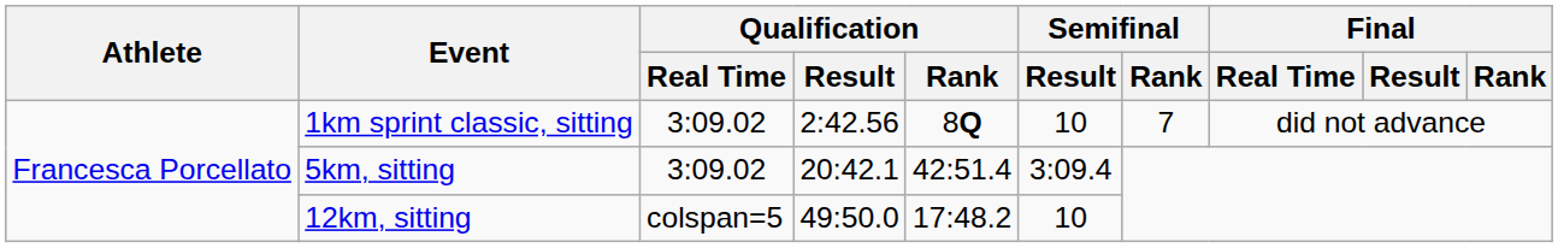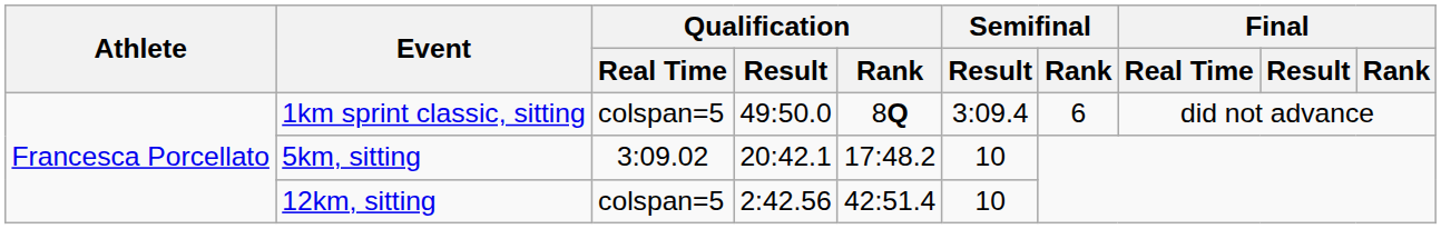 <table class="wikitable" style="font-size:100%">
 <tr>
 <th rowspan="2">Athlete</th>
 <th rowspan="2">Event</th>
 <th colspan="3">Qualification</th>
 <th colspan="2">Semifinal</th>
 <th colspan="3">Final</th>
 </tr>
 <tr>
 <th>Real Time</th>
 <th>Result</th>
 <th>Rank</th>
 <th>Result</th>
 <th>Rank</th>
 <th>Real Time</th>
 <th>Result</th>
 <th>Rank</th>
 </tr>
 <tr>
 <td rowspan=3><a href='#'>Francesca Porcellato</a></td>
 <td><a href='#'>1km sprint classic, sitting</a></td>
-<td align="center">3:09.02</td>
-<td align="center">2:42.56</td>
+<td>colspan=5 </td>
+<td align="center">49:50.0</td>
 <td align="center">8<strong>Q</strong></td>
-<td align="center">10</td>
-<td align="center">7</td>
+<td align="center">3:09.4</td>
+<td align="center">6</td>
 <td colspan=3 align="center">did not advance</td>
 </tr>
 <tr>
 <td><a href='#'>5km, sitting</a></td>
 <td align="center">3:09.02</td>
 <td align="center">20:42.1</td>
-<td align="center">42:51.4</td>
-<td align="center">3:09.4</td>
+<td align="center">17:48.2</td>
+<td align="center">10</td>
 </tr>
 <tr>
 <td><a href='#'>12km, sitting</a></td>
 <td>colspan=5 </td>
-<td align="center">49:50.0</td>
-<td align="center">17:48.2</td>
+<td align="center">2:42.56</td>
+<td align="center">42:51.4</td>
 <td align="center">10</td>
 </tr>
 </table>
